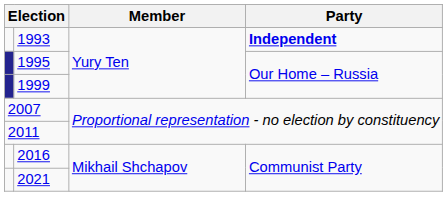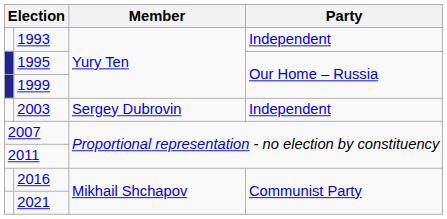 <table class="wikitable">
 <tr>
 <th colspan="2">Election</th>
 <th>Member</th>
 <th>Party</th>
 </tr>
 <tr>
 <td style="background-color:"></td>
 <td><a href='#'>1993</a></td>
 <td rowspan=3><a href='#'>Yury Ten</a></td>
-<td><strong><a href='#'>Independent</a></strong></td>
+<td><a href='#'>Independent</a></td>
 </tr>
 <tr>
 <td style="background-color:#23238E"></td>
 <td><a href='#'>1995</a></td>
 <td rowspan=2><a href='#'>Our Home – Russia</a></td>
 </tr>
 <tr>
 <td style="background-color:#23238E"></td>
 <td><a href='#'>1999</a></td>
+</tr>
+<tr>
+<td style="background-color:"></td>
+<td><a href='#'>2003</a></td>
+<td><a href='#'>Sergey Dubrovin</a></td>
+<td><a href='#'>Independent</a></td>
 </tr>
 <tr>
 <td colspan=2><a href='#'>2007</a></td>
 <td colspan=2 rowspan=2><em><a href='#'>Proportional representation</a> - no election by constituency</em></td>
 </tr>
 <tr>
 <td colspan=2><a href='#'>2011</a></td>
 </tr>
 <tr>
 <td style="background-color:"></td>
 <td><a href='#'>2016</a></td>
 <td rowspan=2><a href='#'>Mikhail Shchapov</a></td>
 <td rowspan=2><a href='#'>Communist Party</a></td>
 </tr>
 <tr>
 <td style="background-color:"></td>
 <td><a href='#'>2021</a></td>
 </tr>
 </table>
